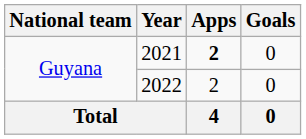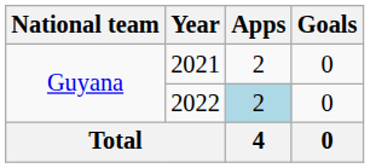 <table class="wikitable" style="text-align:center">
 <tr>
 <th>National team</th>
 <th>Year</th>
 <th>Apps</th>
 <th>Goals</th>
 </tr>
 <tr>
 <td rowspan="2"><a href='#'>Guyana</a></td>
 <td>2021</td>
-<td><strong>2</strong></td>
+<td>2</td>
 <td>0</td>
 </tr>
 <tr>
 <td>2022</td>
-<td>2</td>
+<td style="background: lightblue;">2</td>
 <td>0</td>
 </tr>
 <tr>
 <th colspan="2">Total</th>
 <th>4</th>
 <th>0</th>
 </tr>
 </table>
